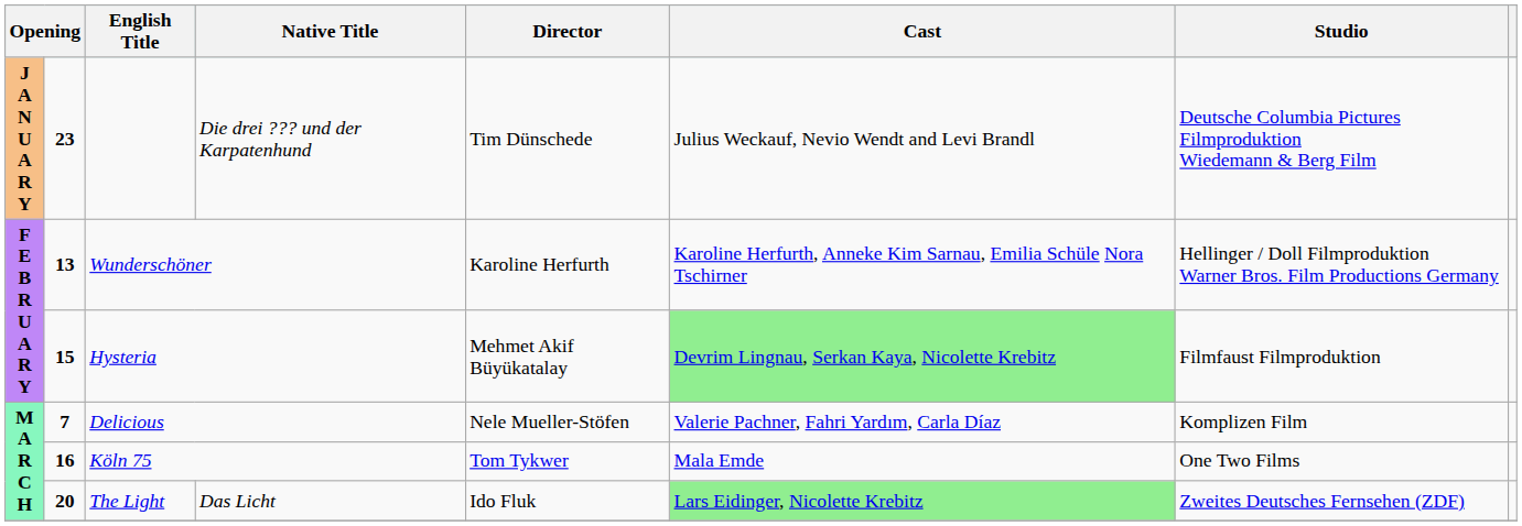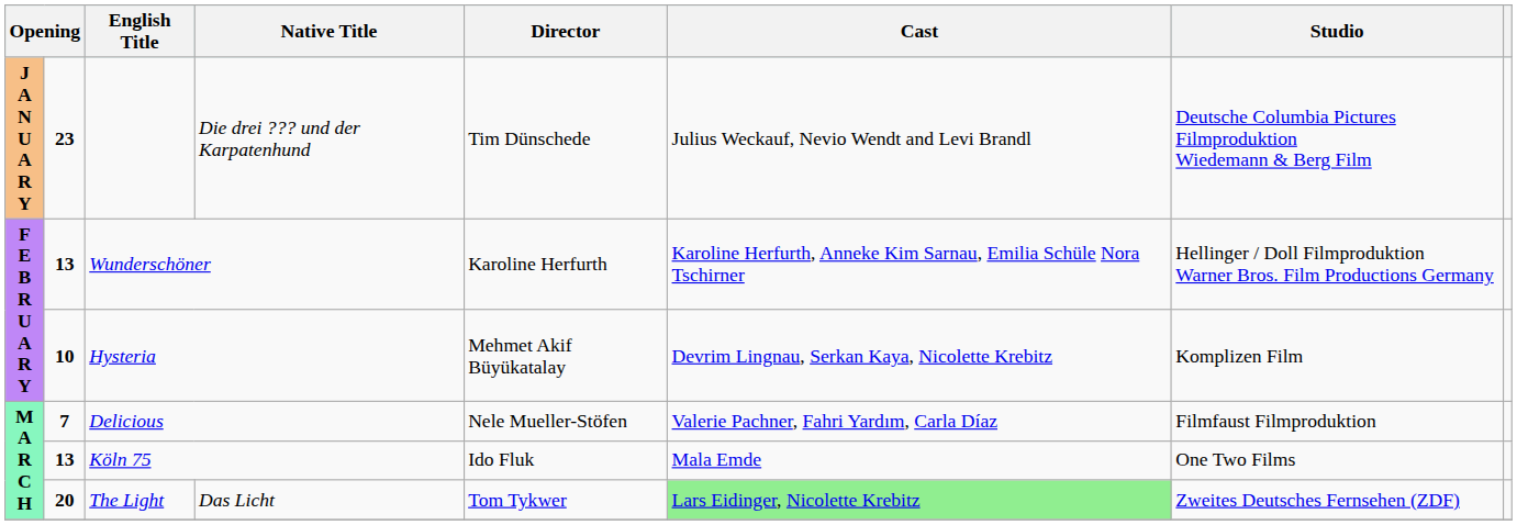 <table class="wikitable sortable">
 <tr style="background:#b0e0e6; text-align:center;">
 <th colspan="2">Opening</th>
 <th>English Title</th>
 <th>Native Title</th>
 <th>Director</th>
 <th>Cast</th>
 <th>Studio</th>
 <th></th>
 </tr>
 <tr>
 <th rowspan="1" style="text-align:center; background:#f7bf87; ">J<br>A<br>N<br>U<br>A<br>R<br>Y</th>
 <td rowspan="1" style="text-align:center"><strong>23</strong></td>
 <td><em></em></td>
 <td><em>Die drei ??? und der Karpatenhund</em></td>
 <td>Tim Dünschede</td>
 <td>Julius Weckauf, Nevio Wendt and Levi Brandl</td>
 <td><a href='#'>Deutsche Columbia Pictures Filmproduktion</a> <br> <a href='#'>Wiedemann & Berg Film</a></td>
 <td></td>
 </tr>
 <tr>
 <th rowspan="2" style="text-align:center; background:#bf87f7; textcolor:#000;">F<br>E<br>B<br>R<br>U<br>A<br>R<br>Y</th>
 <td rowspan="1" style="text-align:center;"><strong>13</strong></td>
 <td colspan=2><em><a href='#'>Wunderschöner</a></em></td>
 <td>Karoline Herfurth</td>
 <td><a href='#'>Karoline Herfurth</a>, <a href='#'>Anneke Kim Sarnau</a>,  <a href='#'>Emilia Schüle</a> <a href='#'>Nora Tschirner</a></td>
 <td>Hellinger / Doll Filmproduktion <br> <a href='#'>Warner Bros. Film Productions Germany</a></td>
 <td></td>
 </tr>
 <tr>
-<td rowspan="1" style="text-align:center;"><strong>15</strong></td>
+<td rowspan="1" style="text-align:center;"><strong>10</strong></td>
 <td colspan=2><em><a href='#'>Hysteria</a></em></td>
 <td>Mehmet Akif Büyükatalay</td>
-<td style="background: lightgreen;"><a href='#'>Devrim Lingnau</a>, <a href='#'>Serkan Kaya</a>,  <a href='#'>Nicolette Krebitz</a></td>
-<td>Filmfaust Filmproduktion</td>
+<td><a href='#'>Devrim Lingnau</a>, <a href='#'>Serkan Kaya</a>,  <a href='#'>Nicolette Krebitz</a></td>
+<td>Komplizen Film</td>
 <td></td>
 </tr>
 <tr>
 <th rowspan="3" style="text-align:center; background:#87f7bf; textcolor:#000;">M<br>A<br>R<br>C<br>H</th>
 <td rowspan="1" style="text-align:center;"><strong>7</strong></td>
 <td colspan="2"><em><a href='#'>Delicious</a></em></td>
 <td>Nele Mueller-Stöfen</td>
 <td><a href='#'>Valerie Pachner</a>, <a href='#'>Fahri Yardım</a>, <a href='#'>Carla Díaz</a></td>
-<td>Komplizen Film</td>
+<td>Filmfaust Filmproduktion</td>
 <td></td>
 </tr>
 <tr>
-<td rowspan="1" style="text-align:center;"><strong>16</strong></td>
+<td rowspan="1" style="text-align:center;"><strong>13</strong></td>
 <td colspan=2><em><a href='#'>Köln 75</a></em></td>
-<td><a href='#'>Tom Tykwer</a></td>
+<td>Ido Fluk</td>
 <td><a href='#'>Mala Emde</a></td>
 <td>One Two Films</td>
 <td></td>
 </tr>
 <tr>
 <td rowspan="1" style="text-align:center;"><strong>20</strong></td>
 <td><em><a href='#'>The Light</a></em></td>
 <td><em>Das Licht</em></td>
-<td>Ido Fluk</td>
+<td><a href='#'>Tom Tykwer</a></td>
 <td style="background: lightgreen;"><a href='#'>Lars Eidinger</a>, <a href='#'>Nicolette Krebitz</a></td>
 <td><a href='#'>Zweites Deutsches Fernsehen (ZDF)</a></td>
 <td></td>
 </tr>
 <tr>
 </tr>
 </table>
